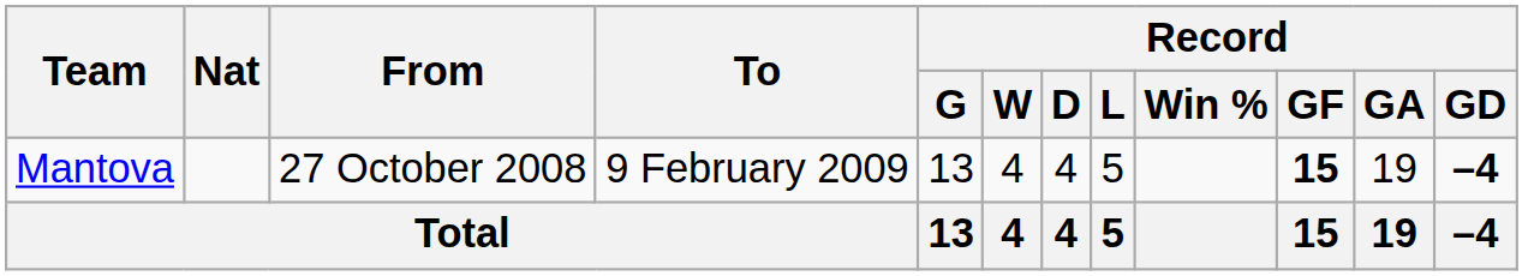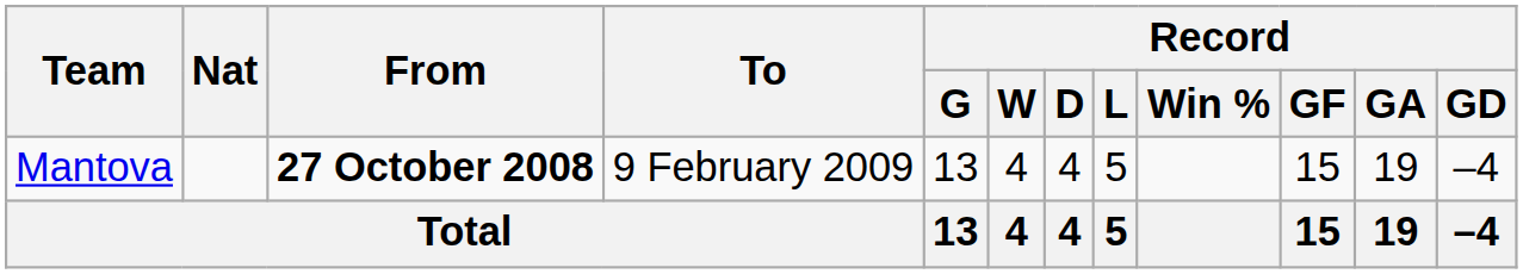 <table class="wikitable" style="text-align: center">
 <tr>
 <th rowspan=2>Team</th>
 <th rowspan=2>Nat</th>
 <th rowspan=2>From</th>
 <th rowspan=2>To</th>
 <th colspan=8>Record</th>
 </tr>
 <tr>
 <th>G</th>
 <th>W</th>
 <th>D</th>
 <th>L</th>
 <th>Win %</th>
 <th>GF</th>
 <th>GA</th>
 <th>GD</th>
 </tr>
 <tr>
 <td><a href='#'>Mantova</a></td>
 <td></td>
-<td>27 October 2008</td>
+<td><strong>27 October 2008</strong></td>
 <td>9 February 2009</td>
 <td>13</td>
 <td>4</td>
 <td>4</td>
 <td>5</td>
 <td></td>
-<td><strong>15</strong></td>
+<td>15</td>
 <td>19</td>
-<td><strong>–4</strong></td>
+<td>–4</td>
 </tr>
 <tr>
 <th colspan=4 style="text-align:center; vertical-align:middle;">Total</th>
 <th>13</th>
 <th>4</th>
 <th>4</th>
 <th>5</th>
 <th></th>
 <th>15</th>
 <th>19</th>
 <th>–4</th>
 </tr>
 </table>
